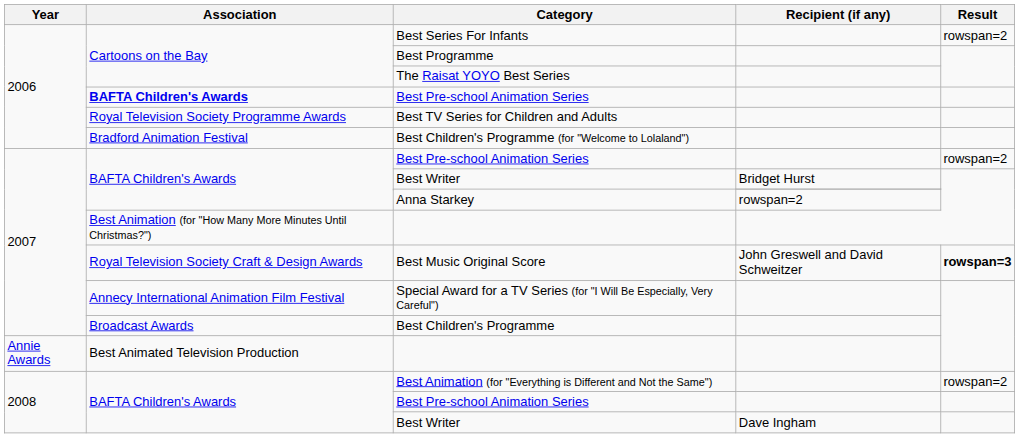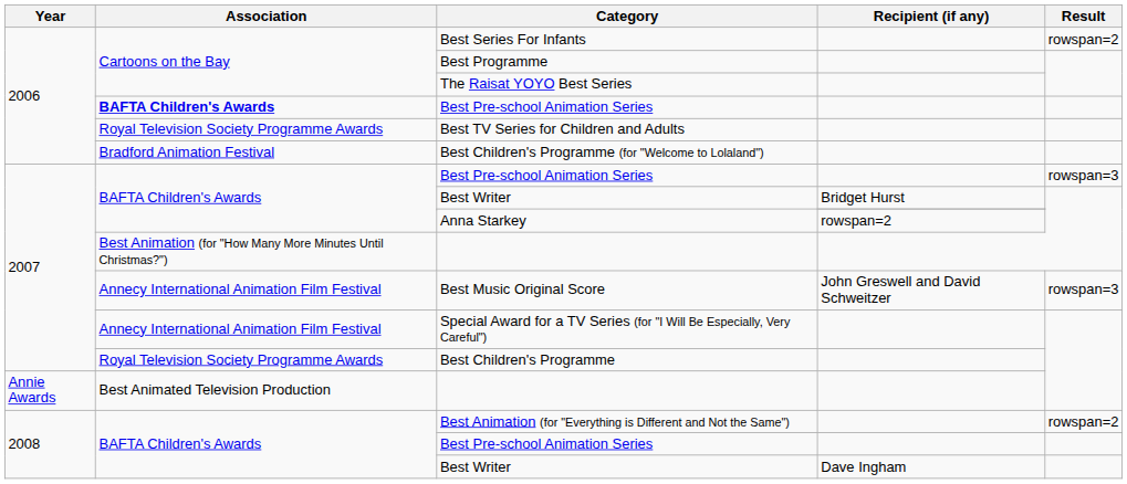 <table class="wikitable">
 <tr>
 <th><strong>Year</strong></th>
 <th><strong>Association</strong></th>
 <th><strong>Category</strong></th>
 <th><strong>Recipient (if any)</strong></th>
 <th><strong>Result</strong></th>
 </tr>
 <tr>
 <td rowspan=6>2006</td>
 <td rowspan=3><a href='#'>Cartoons on the Bay</a></td>
 <td>Best Series For Infants</td>
 <td></td>
 <td>rowspan=2 </td>
 </tr>
 <tr>
 <td>Best Programme</td>
 <td></td>
 </tr>
 <tr>
 <td>The <a href='#'>Raisat YOYO</a> Best Series</td>
 <td></td>
 </tr>
 <tr>
 <td><strong><a href='#'>BAFTA Children's Awards</a></strong></td>
 <td><a href='#'>Best Pre-school Animation Series</a></td>
 <td></td>
 <td></td>
 </tr>
 <tr>
 <td><a href='#'>Royal Television Society Programme Awards</a></td>
 <td>Best TV Series for Children and Adults</td>
 <td></td>
 <td></td>
 </tr>
 <tr>
 <td><a href='#'>Bradford Animation Festival</a></td>
 <td>Best Children's Programme <small>(for "Welcome to Lolaland")</small></td>
 <td></td>
 <td></td>
 </tr>
 <tr>
 <td rowspan=8>2007</td>
 <td rowspan=4><a href='#'>BAFTA Children's Awards</a></td>
 <td><a href='#'>Best Pre-school Animation Series</a></td>
 <td></td>
-<td>rowspan=2 </td>
+<td>rowspan=3 </td>
 </tr>
 <tr>
 <td rowspan=2>Best Writer</td>
 <td>Bridget Hurst</td>
 </tr>
 <tr>
 </tr>
 <tr>
 <td>Anna Starkey</td>
 <td>rowspan=2 </td>
 </tr>
 <tr>
 <td><a href='#'>Best Animation</a> <small>(for "How Many More Minutes Until Christmas?")</small></td>
 <td></td>
 </tr>
 <tr>
-<td><a href='#'>Royal Television Society Craft & Design Awards</a></td>
+<td><a href='#'>Annecy International Animation Film Festival</a></td>
 <td>Best Music Original Score</td>
 <td>John Greswell and David Schweitzer</td>
-<td><strong>rowspan=3 </strong></td>
+<td>rowspan=3 </td>
 </tr>
 <tr>
 <td><a href='#'>Annecy International Animation Film Festival</a></td>
 <td>Special Award for a TV Series <small>(for "I Will Be Especially, Very Careful")</small></td>
 <td></td>
 </tr>
 <tr>
-<td><a href='#'>Broadcast Awards</a></td>
+<td><a href='#'>Royal Television Society Programme Awards</a></td>
 <td>Best Children's Programme</td>
 <td></td>
 </tr>
 <tr>
 <td><a href='#'>Annie Awards</a></td>
 <td>Best Animated Television Production</td>
 <td></td>
 <td></td>
 </tr>
 <tr>
 <td rowspan=3>2008</td>
 <td rowspan=3><a href='#'>BAFTA Children's Awards</a></td>
 <td><a href='#'>Best Animation</a> <small>(for "Everything is Different and Not the Same")</small></td>
 <td></td>
 <td>rowspan=2 </td>
 </tr>
 <tr>
 <td><a href='#'>Best Pre-school Animation Series</a></td>
 <td></td>
 </tr>
 <tr>
 <td>Best Writer</td>
 <td>Dave Ingham</td>
 <td></td>
 </tr>
 </table>
